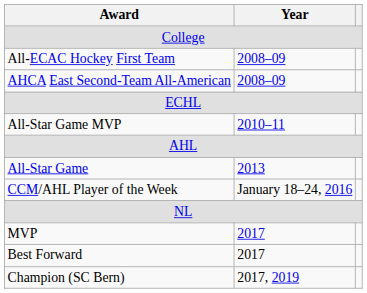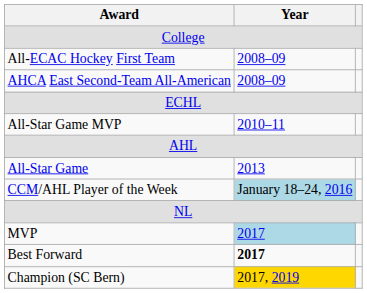 <table class="wikitable">
 <tr>
 <th>Award</th>
 <th>Year</th>
 <th></th>
 </tr>
 <tr ALIGN="center" bgcolor="#e0e0e0">
 <td colspan="3"><a href='#'>College</a></td>
 </tr>
 <tr>
 <td>All-<a href='#'>ECAC Hockey</a> <a href='#'>First Team</a></td>
 <td><a href='#'>2008–09</a></td>
 <td></td>
 </tr>
 <tr>
 <td><a href='#'>AHCA</a> <a href='#'>East Second-Team All-American</a></td>
 <td><a href='#'>2008–09</a></td>
 <td></td>
 </tr>
 <tr ALIGN="center" bgcolor="#e0e0e0">
 <td colspan="3"><a href='#'>ECHL</a></td>
 </tr>
 <tr>
 <td>All-Star Game MVP</td>
 <td><a href='#'>2010–11</a></td>
 <td></td>
 </tr>
 <tr ALIGN="center" bgcolor="#e0e0e0">
 <td colspan="3"><a href='#'>AHL</a></td>
 </tr>
 <tr>
 <td><a href='#'>All-Star Game</a></td>
 <td><a href='#'>2013</a></td>
 <td></td>
 </tr>
 <tr>
 <td><a href='#'>CCM</a>/AHL Player of the Week</td>
-<td>January 18–24, <a href='#'>2016</a></td>
+<td style="background: lightblue;">January 18–24, <a href='#'>2016</a></td>
 <td></td>
 </tr>
 <tr ALIGN="center" bgcolor="#e0e0e0">
 <td colspan="3"><a href='#'>NL</a></td>
 </tr>
 <tr>
 <td>MVP</td>
-<td><a href='#'>2017</a></td>
+<td style="background: lightblue;"><a href='#'>2017</a></td>
 <td></td>
 </tr>
 <tr>
 <td>Best Forward</td>
-<td>2017</td>
+<td><strong>2017</strong></td>
 <td></td>
 </tr>
 <tr>
 <td>Champion (SC Bern)</td>
-<td>2017, <a href='#'>2019</a></td>
+<td style="background: gold;">2017, <a href='#'>2019</a></td>
 <td></td>
 </tr>
 </table>
